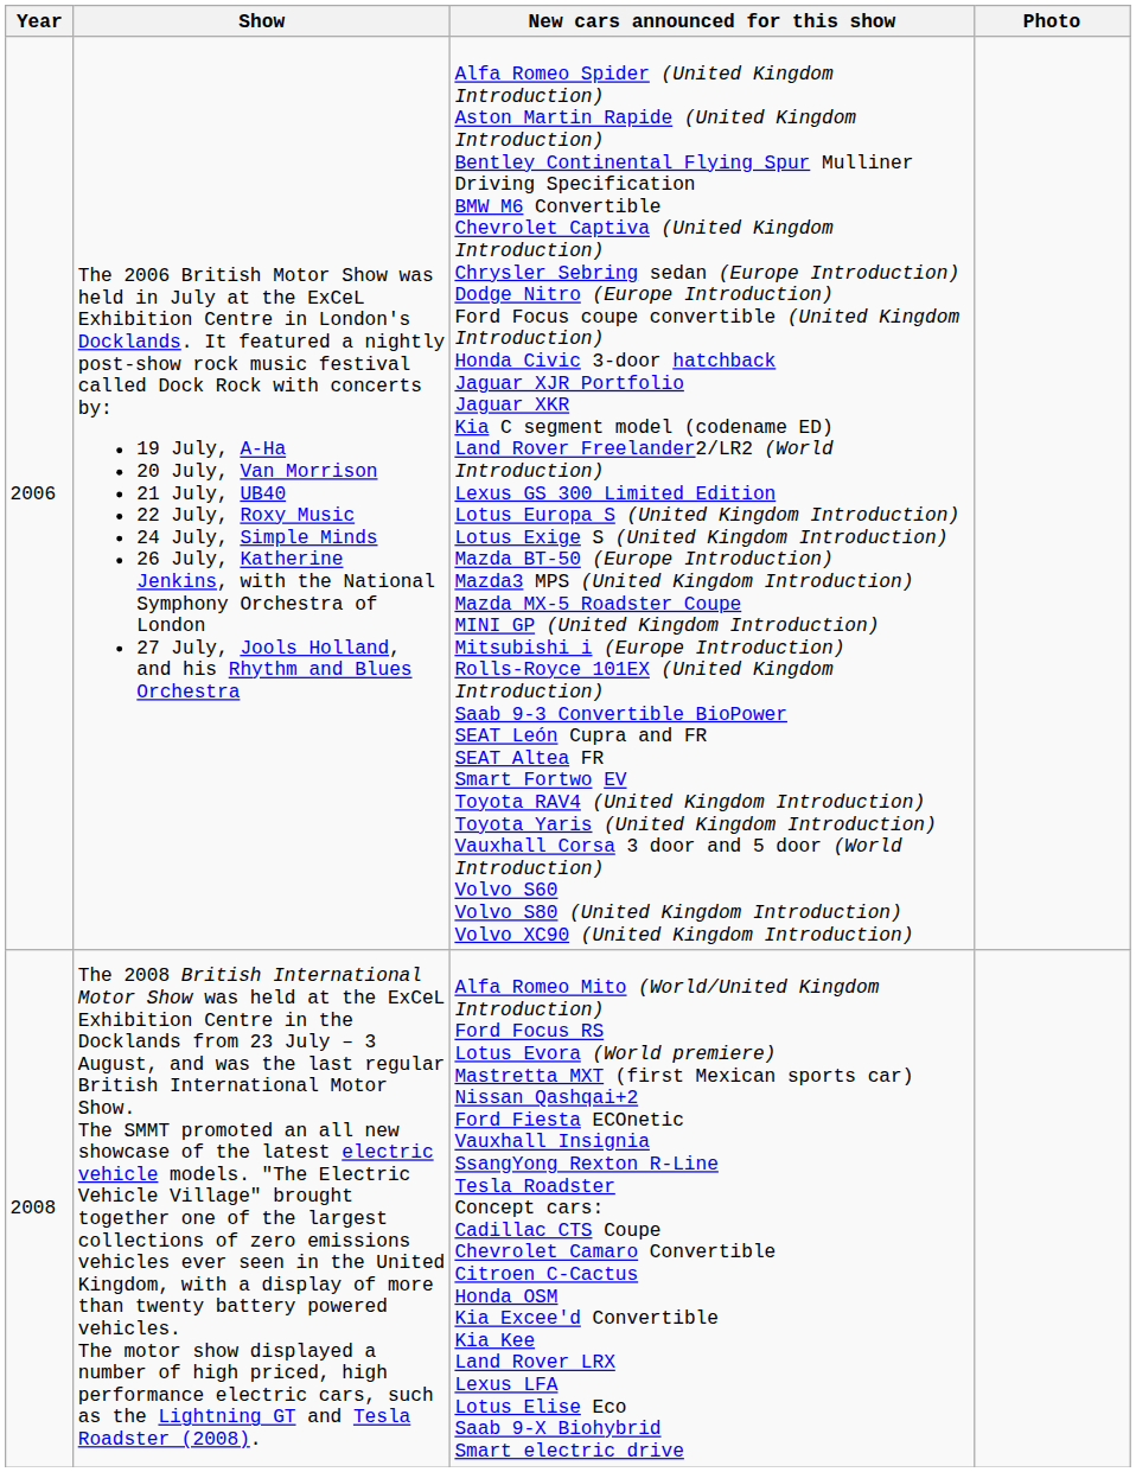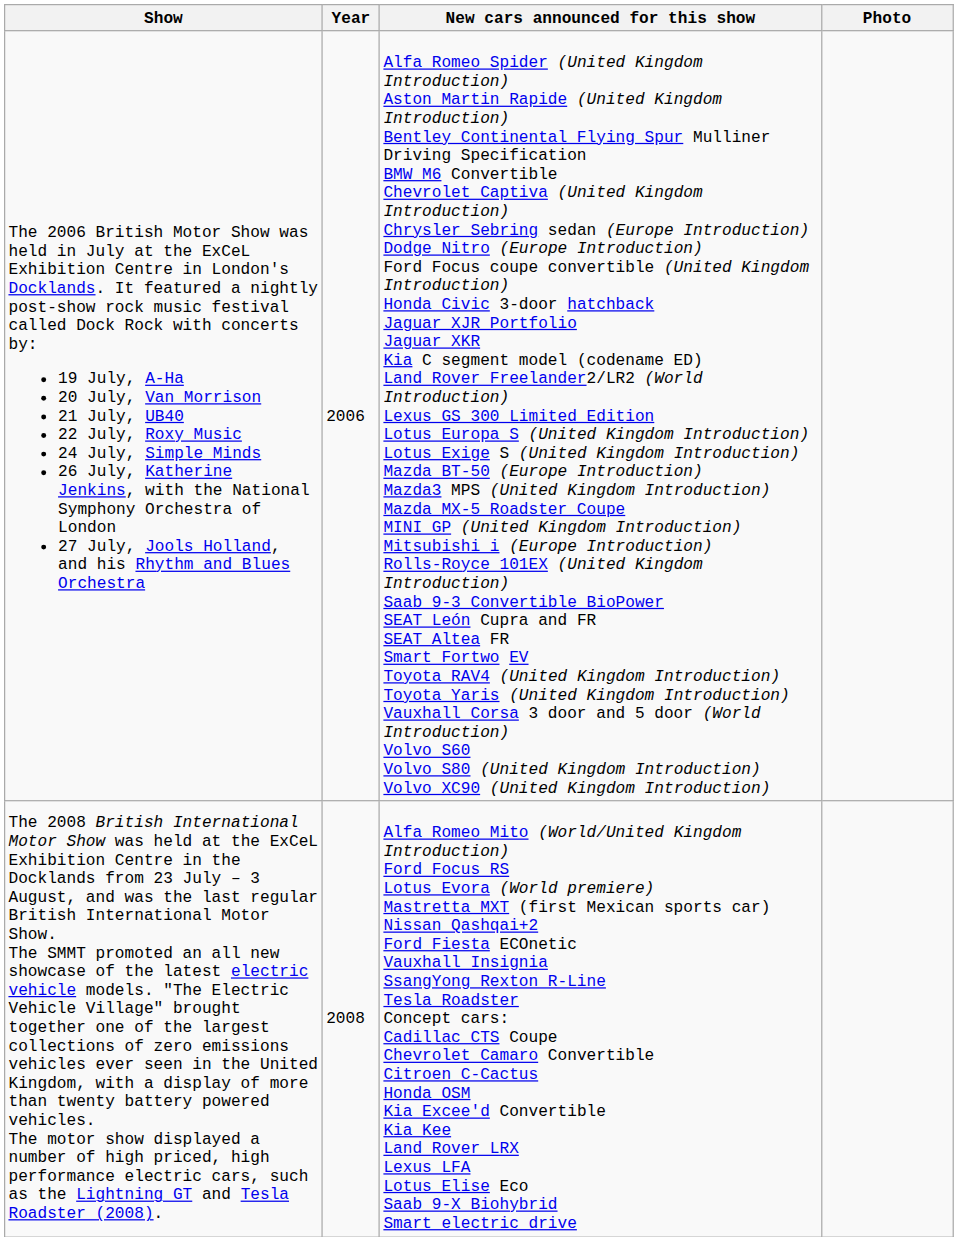 <table class="wikitable">
 <tr>
+<th scope="col" style="width: 250px;">Show</th>
 <th scope="col" style="width: 40px;">Year</th>
-<th scope="col" style="width: 250px;">Show</th>
 <th scope="col" style="width: 350px;">New cars announced for this show</th>
 <th scope="col" style="width: 100px;">Photo</th>
 </tr>
 <tr>
+<td>The 2006 British Motor Show was held in July at the ExCeL Exhibition Centre in London's <a href='#'>Docklands</a>. It featured a nightly post-show rock music festival called Dock Rock with concerts by:<br><ul><li>19 July, <a href='#'>A-Ha</a></li><li>20 July, <a href='#'>Van Morrison</a></li><li>21 July, <a href='#'>UB40</a></li><li>22 July, <a href='#'>Roxy Music</a></li><li>24 July, <a href='#'>Simple Minds</a></li><li>26 July, <a href='#'>Katherine Jenkins</a>, with the National Symphony Orchestra of London</li><li>27 July, <a href='#'>Jools Holland</a>, and his <a href='#'>Rhythm and Blues Orchestra</a></li></ul></td>
 <td>2006</td>
-<td>The 2006 British Motor Show was held in July at the ExCeL Exhibition Centre in London's <a href='#'>Docklands</a>. It featured a nightly post-show rock music festival called Dock Rock with concerts by:<br><ul><li>19 July, <a href='#'>A-Ha</a></li><li>20 July, <a href='#'>Van Morrison</a></li><li>21 July, <a href='#'>UB40</a></li><li>22 July, <a href='#'>Roxy Music</a></li><li>24 July, <a href='#'>Simple Minds</a></li><li>26 July, <a href='#'>Katherine Jenkins</a>, with the National Symphony Orchestra of London</li><li>27 July, <a href='#'>Jools Holland</a>, and his <a href='#'>Rhythm and Blues Orchestra</a></li></ul></td>
 <td><br><a href='#'>Alfa Romeo Spider</a> <em>(United Kingdom Introduction)</em> <br><a href='#'>Aston Martin Rapide</a> <em>(United Kingdom Introduction)</em> <br><a href='#'>Bentley Continental Flying Spur</a> Mulliner Driving Specification <br><a href='#'>BMW M6</a> Convertible <br><a href='#'>Chevrolet Captiva</a> <em>(United Kingdom Introduction)</em> <br><a href='#'>Chrysler Sebring</a> sedan <em>(Europe Introduction)</em> <br><a href='#'>Dodge Nitro</a> <em>(Europe Introduction)</em> <br>Ford Focus coupe convertible <em>(United Kingdom Introduction)</em> <br><a href='#'>Honda Civic</a> 3-door <a href='#'>hatchback</a> <br><a href='#'>Jaguar XJR Portfolio</a> <br><a href='#'>Jaguar XKR</a> <br><a href='#'>Kia</a> C segment model (codename ED) <br><a href='#'>Land Rover Freelander</a>2/LR2 <em>(World Introduction)</em> <br><a href='#'>Lexus GS 300 Limited Edition</a> <br><a href='#'>Lotus Europa S</a> <em>(United Kingdom Introduction)</em> <br><a href='#'>Lotus Exige</a> S <em>(United Kingdom Introduction)</em> <br><a href='#'>Mazda BT-50</a> <em>(Europe Introduction)</em> <br><a href='#'>Mazda3</a> MPS <em>(United Kingdom Introduction)</em> <br><a href='#'>Mazda MX-5 Roadster Coupe</a> <br><a href='#'>MINI GP</a> <em>(United Kingdom Introduction)</em> <br><a href='#'>Mitsubishi i</a> <em>(Europe Introduction)</em> <br><a href='#'>Rolls-Royce 101EX</a> <em>(United Kingdom Introduction)</em> <br><a href='#'>Saab 9-3 Convertible BioPower</a> <br><a href='#'>SEAT León</a> Cupra and FR <br><a href='#'>SEAT Altea</a> FR <br><a href='#'>Smart Fortwo</a> <a href='#'>EV</a> <br><a href='#'>Toyota RAV4</a> <em>(United Kingdom Introduction)</em> <br><a href='#'>Toyota Yaris</a> <em>(United Kingdom Introduction)</em> <br><a href='#'>Vauxhall Corsa</a> 3 door and 5 door <em>(World Introduction)</em> <br><a href='#'>Volvo S60</a> <br><a href='#'>Volvo S80</a> <em>(United Kingdom Introduction)</em> <br><a href='#'>Volvo XC90</a> <em>(United Kingdom Introduction)</em></td>
 <td></td>
 </tr>
 <tr>
+<td>The 2008 <em>British International Motor Show</em> was held at the ExCeL Exhibition Centre in the Docklands from 23 July – 3 August, and was the last regular British International Motor Show.<br>The SMMT promoted an all new showcase of the latest <a href='#'>electric vehicle</a> models. "The Electric Vehicle Village" brought together one of the largest collections of zero emissions vehicles ever seen in the United Kingdom, with a display of more than twenty battery powered vehicles.<br>The motor show displayed a number of high priced, high performance electric cars, such as the <a href='#'>Lightning GT</a> and <a href='#'>Tesla Roadster (2008)</a>.</td>
 <td>2008</td>
-<td>The 2008 <em>British International Motor Show</em> was held at the ExCeL Exhibition Centre in the Docklands from 23 July – 3 August, and was the last regular British International Motor Show.<br>The SMMT promoted an all new showcase of the latest <a href='#'>electric vehicle</a> models. "The Electric Vehicle Village" brought together one of the largest collections of zero emissions vehicles ever seen in the United Kingdom, with a display of more than twenty battery powered vehicles.<br>The motor show displayed a number of high priced, high performance electric cars, such as the <a href='#'>Lightning GT</a> and <a href='#'>Tesla Roadster (2008)</a>.</td>
 <td><br><a href='#'>Alfa Romeo Mito</a> <em>(World/United Kingdom Introduction)</em> <br><a href='#'>Ford Focus RS</a> <br><a href='#'>Lotus Evora</a> <em>(World premiere)</em> <br><a href='#'>Mastretta MXT</a> (first Mexican sports car) <br><a href='#'>Nissan Qashqai+2</a> <br><a href='#'>Ford Fiesta</a> ECOnetic <br><a href='#'>Vauxhall Insignia</a> <br><a href='#'>SsangYong Rexton R-Line</a> <br><a href='#'>Tesla Roadster</a><br>Concept cars: <br><a href='#'>Cadillac CTS</a> Coupe <br><a href='#'>Chevrolet Camaro</a> Convertible <br><a href='#'>Citroen C-Cactus</a> <br><a href='#'>Honda OSM</a> <br><a href='#'>Kia Excee'd</a> Convertible <br><a href='#'>Kia Kee</a> <br><a href='#'>Land Rover LRX</a> <br><a href='#'>Lexus LFA</a> <br><a href='#'>Lotus Elise</a> Eco <br><a href='#'>Saab 9-X Biohybrid</a>  <br><a href='#'>Smart electric drive</a></td>
 <td></td>
 </tr>
 </table>
